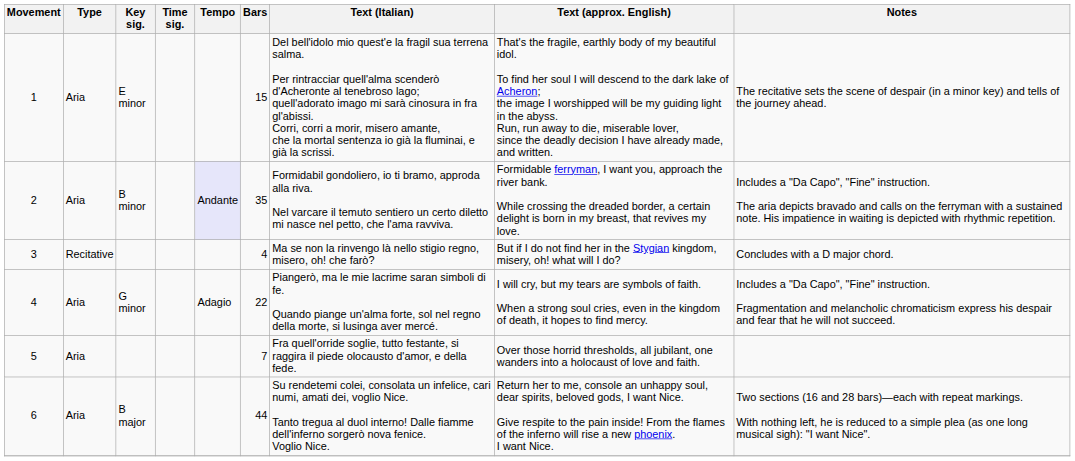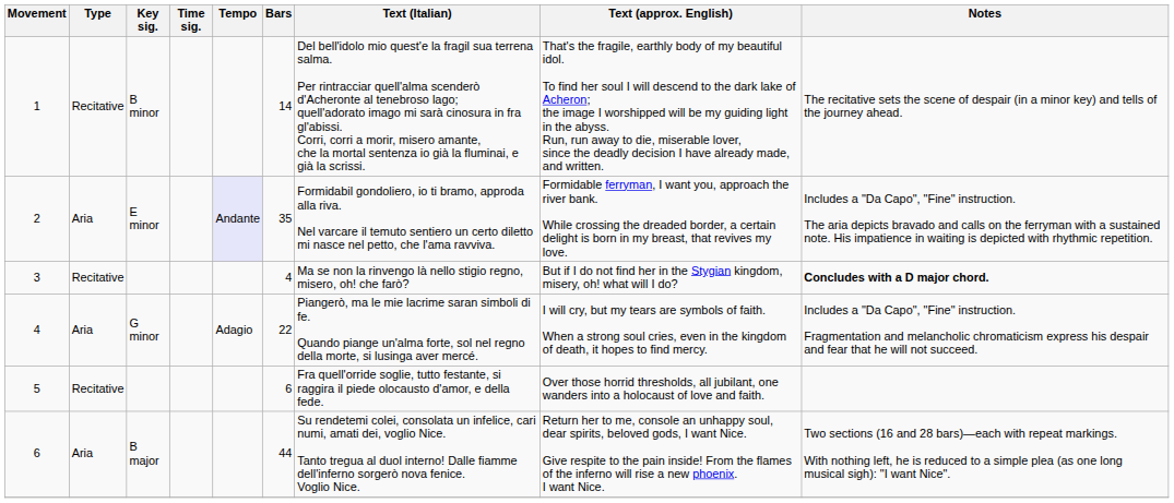 <table class="wikitable" border="1">
 <tr>
 <th bgcolor="ececec" valign="Top">Movement</th>
 <th bgcolor="ececec" valign="Top">Type</th>
 <th bgcolor="ececec" valign="Top" width="50px">Key sig.</th>
 <th bgcolor="ececec" valign="Top">Time sig.</th>
 <th bgcolor="ececec" valign="Top">Tempo</th>
 <th bgcolor="ececec" valign="Top">Bars</th>
 <th bgcolor="ececec" valign="Top">Text (Italian)</th>
 <th bgcolor="ececec" valign="Top">Text (approx. English)</th>
 <th bgcolor="ececec" valign="Top">Notes</th>
 </tr>
 <tr>
 <td align="center">1</td>
-<td>Aria</td>
-<td>E minor</td>
+<td>Recitative</td>
+<td>B minor</td>
 <td align="center"></td>
 <td></td>
-<td align="right">15</td>
+<td align="right">14</td>
 <td>Del bell'idolo mio quest'e la fragil sua terrena salma.<br><br>Per rintracciar quell'alma scenderò d'Acheronte al tenebroso lago;<br> quell'adorato imago mi sarà cinosura in fra gl'abissi.<br> Corri, corri a morir, misero amante,<br> che la mortal sentenza io già la fluminai, e già la scrissi.</td>
 <td>That's the fragile, earthly body of my beautiful idol.<br><br>To find her soul I will descend to the dark lake of <a href='#'>Acheron</a>;<br> the image I worshipped will be my guiding light in the abyss.<br> Run, run away to die, miserable lover,<br> since the deadly decision I have already made, and written.</td>
 <td>The recitative sets the scene of despair (in a minor key) and tells of the journey ahead.</td>
 </tr>
 <tr>
 <td align="center">2</td>
 <td>Aria</td>
-<td>B minor</td>
+<td>E minor</td>
 <td align="center"></td>
 <td style="background: lavender;">Andante</td>
 <td align="right">35</td>
 <td>Formidabil gondoliero, io ti bramo, approda alla riva.<br><br>Nel varcare il temuto sentiero un certo diletto mi nasce nel petto, che l'ama ravviva.</td>
 <td>Formidable <a href='#'>ferryman</a>, I want you, approach the river bank.<br><br>While crossing the dreaded border, a certain delight is born in my breast, that revives my love.</td>
 <td>Includes a "Da Capo", "Fine" instruction.<br><br>The aria depicts bravado and calls on the ferryman with a sustained note. His impatience in waiting is depicted with rhythmic repetition.</td>
 </tr>
 <tr>
 <td align="center">3</td>
 <td>Recitative</td>
 <td></td>
 <td align="center"></td>
 <td></td>
 <td align="right">4</td>
 <td>Ma se non la rinvengo là nello stigio regno, misero, oh! che farò?</td>
 <td>But if I do not find her in the <a href='#'>Stygian</a> kingdom, misery, oh! what will I do?</td>
-<td>Concludes with a D major chord.</td>
+<td><strong>Concludes with a D major chord.</strong></td>
 </tr>
 <tr>
 <td align="center">4</td>
 <td>Aria</td>
 <td>G minor</td>
 <td align="center"></td>
 <td>Adagio</td>
 <td align="right">22</td>
 <td>Piangerò, ma le mie lacrime saran simboli di fe.<br><br>Quando piange un'alma forte, sol nel regno della morte, si lusinga aver mercé.</td>
 <td>I will cry, but my tears are symbols of faith.<br><br>When a strong soul cries, even in the kingdom of death, it hopes to find mercy.</td>
 <td>Includes a "Da Capo", "Fine" instruction.<br><br>Fragmentation and melancholic chromaticism express his despair and fear that he will not succeed.</td>
 </tr>
 <tr>
 <td align="center">5</td>
-<td>Aria</td>
+<td>Recitative</td>
 <td></td>
 <td align="center"></td>
 <td></td>
-<td align="right">7</td>
+<td align="right">6</td>
 <td>Fra quell'orride soglie, tutto festante, si raggira il piede olocausto d'amor, e della fede.</td>
 <td>Over those horrid thresholds, all jubilant, one wanders into a holocaust of love and faith.</td>
 <td></td>
 </tr>
 <tr>
 <td align="center">6</td>
 <td>Aria</td>
 <td>B major</td>
 <td align="center"></td>
 <td></td>
 <td align="right">44</td>
 <td>Su rendetemi colei, consolata un infelice, cari numi, amati dei, voglio Nice.<br><br>Tanto tregua al duol interno! Dalle fiamme dell'inferno sorgerò nova fenice.<br> Voglio Nice.</td>
 <td>Return her to me, console an unhappy soul, dear spirits, beloved gods, I want Nice.<br><br>Give respite to the pain inside! From the flames of the inferno will rise a new <a href='#'>phoenix</a>.<br> I want Nice.</td>
 <td>Two sections (16 and 28 bars)—each with repeat markings.<br><br>With nothing left, he is reduced to a simple plea (as one long musical sigh): "I want Nice".</td>
 </tr>
 <tr>
 </tr>
 </table>
